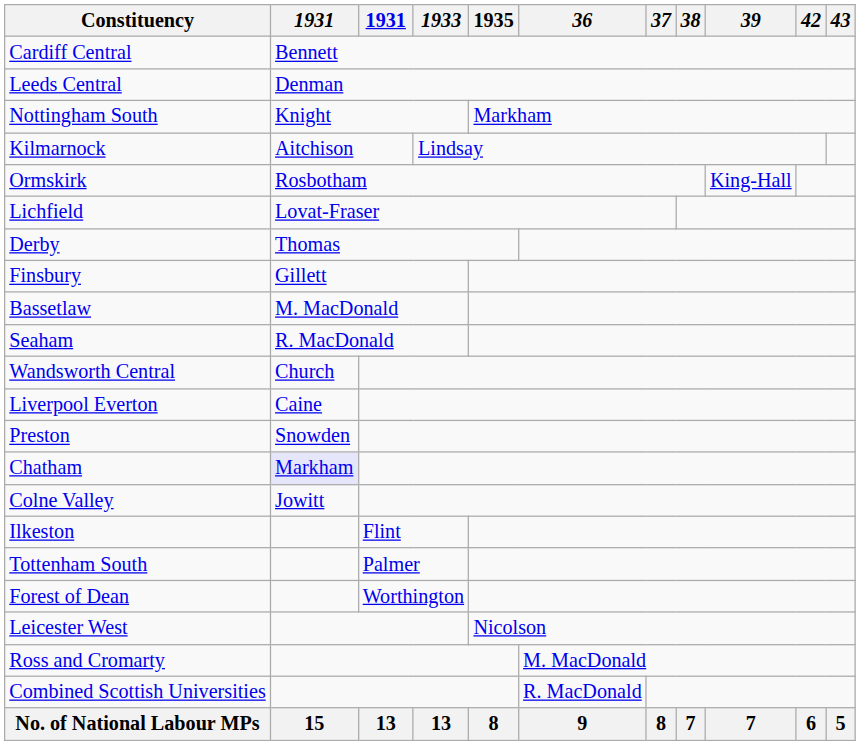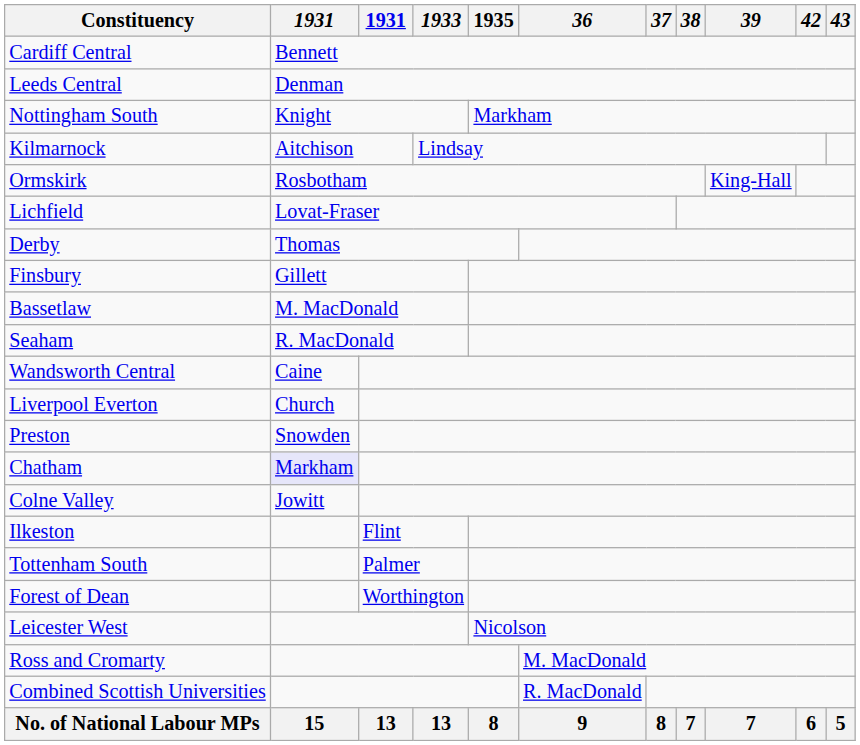 <table class="wikitable">
 <tr>
 <th>Constituency</th>
 <th><em>1931</em></th>
 <th><a href='#'>1931</a></th>
 <th><em>1933</em></th>
 <th>1935</th>
 <th><em>36</em></th>
 <th><em>37</em></th>
 <th><em>38</em></th>
 <th><em>39</em></th>
 <th><em>42</em></th>
 <th><em>43</em></th>
 </tr>
 <tr>
 <td><a href='#'>Cardiff Central</a></td>
 <td colspan="10"><a href='#'>Bennett</a></td>
 </tr>
 <tr>
 <td><a href='#'>Leeds Central</a></td>
 <td colspan="10"><a href='#'>Denman</a></td>
 </tr>
 <tr>
 <td><a href='#'>Nottingham South</a></td>
 <td colspan="3"><a href='#'>Knight</a></td>
 <td colspan="7"><a href='#'>Markham</a></td>
 </tr>
 <tr>
 <td><a href='#'>Kilmarnock</a></td>
 <td colspan="2"><a href='#'>Aitchison</a></td>
 <td colspan="7"><a href='#'>Lindsay</a></td>
 <td></td>
 </tr>
 <tr>
 <td><a href='#'>Ormskirk</a></td>
 <td colspan="7"><a href='#'>Rosbotham</a></td>
 <td><a href='#'>King-Hall</a></td>
 <td colspan="2"></td>
 </tr>
 <tr>
 <td><a href='#'>Lichfield</a></td>
 <td colspan="6"><a href='#'>Lovat-Fraser</a></td>
 <td colspan="4"></td>
 </tr>
 <tr>
 <td><a href='#'>Derby</a></td>
 <td colspan="4"><a href='#'>Thomas</a></td>
 <td colspan="6"></td>
 </tr>
 <tr>
 <td><a href='#'>Finsbury</a></td>
 <td colspan="3"><a href='#'>Gillett</a></td>
 <td colspan="7"></td>
 </tr>
 <tr>
 <td><a href='#'>Bassetlaw</a></td>
 <td colspan="3"><a href='#'>M. MacDonald</a></td>
 <td colspan="7"></td>
 </tr>
 <tr>
 <td><a href='#'>Seaham</a></td>
 <td colspan="3"><a href='#'>R. MacDonald</a></td>
 <td colspan="7"></td>
 </tr>
 <tr>
 <td><a href='#'>Wandsworth Central</a></td>
-<td><a href='#'>Church</a></td>
+<td><a href='#'>Caine</a></td>
 <td colspan="9"></td>
 </tr>
 <tr>
 <td><a href='#'>Liverpool Everton</a></td>
-<td><a href='#'>Caine</a></td>
+<td><a href='#'>Church</a></td>
 <td colspan="9"></td>
 </tr>
 <tr>
 <td><a href='#'>Preston</a></td>
 <td><a href='#'>Snowden</a></td>
 <td colspan="9"></td>
 </tr>
 <tr>
 <td><a href='#'>Chatham</a></td>
 <td style="background: lavender;"><a href='#'>Markham</a></td>
 <td colspan="9"></td>
 </tr>
 <tr>
 <td><a href='#'>Colne Valley</a></td>
 <td><a href='#'>Jowitt</a></td>
 <td colspan="9"></td>
 </tr>
 <tr>
 <td><a href='#'>Ilkeston</a></td>
 <td></td>
 <td colspan="2"><a href='#'>Flint</a></td>
 <td colspan="7"></td>
 </tr>
 <tr>
 <td><a href='#'>Tottenham South</a></td>
 <td></td>
 <td colspan="2"><a href='#'>Palmer</a></td>
 <td colspan="7"></td>
 </tr>
 <tr>
 <td><a href='#'>Forest of Dean</a></td>
 <td></td>
 <td colspan="2"><a href='#'>Worthington</a></td>
 <td colspan="7"></td>
 </tr>
 <tr>
 <td><a href='#'>Leicester West</a></td>
 <td colspan="3"></td>
 <td colspan="7"><a href='#'>Nicolson</a></td>
 </tr>
 <tr>
 <td><a href='#'>Ross and Cromarty</a></td>
 <td colspan="4"></td>
 <td colspan="6"><a href='#'>M. MacDonald</a></td>
 </tr>
 <tr>
 <td><a href='#'>Combined Scottish Universities</a></td>
 <td colspan="4"></td>
 <td><a href='#'>R. MacDonald</a></td>
 <td colspan="5"></td>
 </tr>
 <tr>
 <th>No. of National Labour MPs</th>
 <th>15</th>
 <th>13</th>
 <th>13</th>
 <th>8</th>
 <th>9</th>
 <th>8</th>
 <th>7</th>
 <th>7</th>
 <th>6</th>
 <th>5</th>
 </tr>
 </table>
